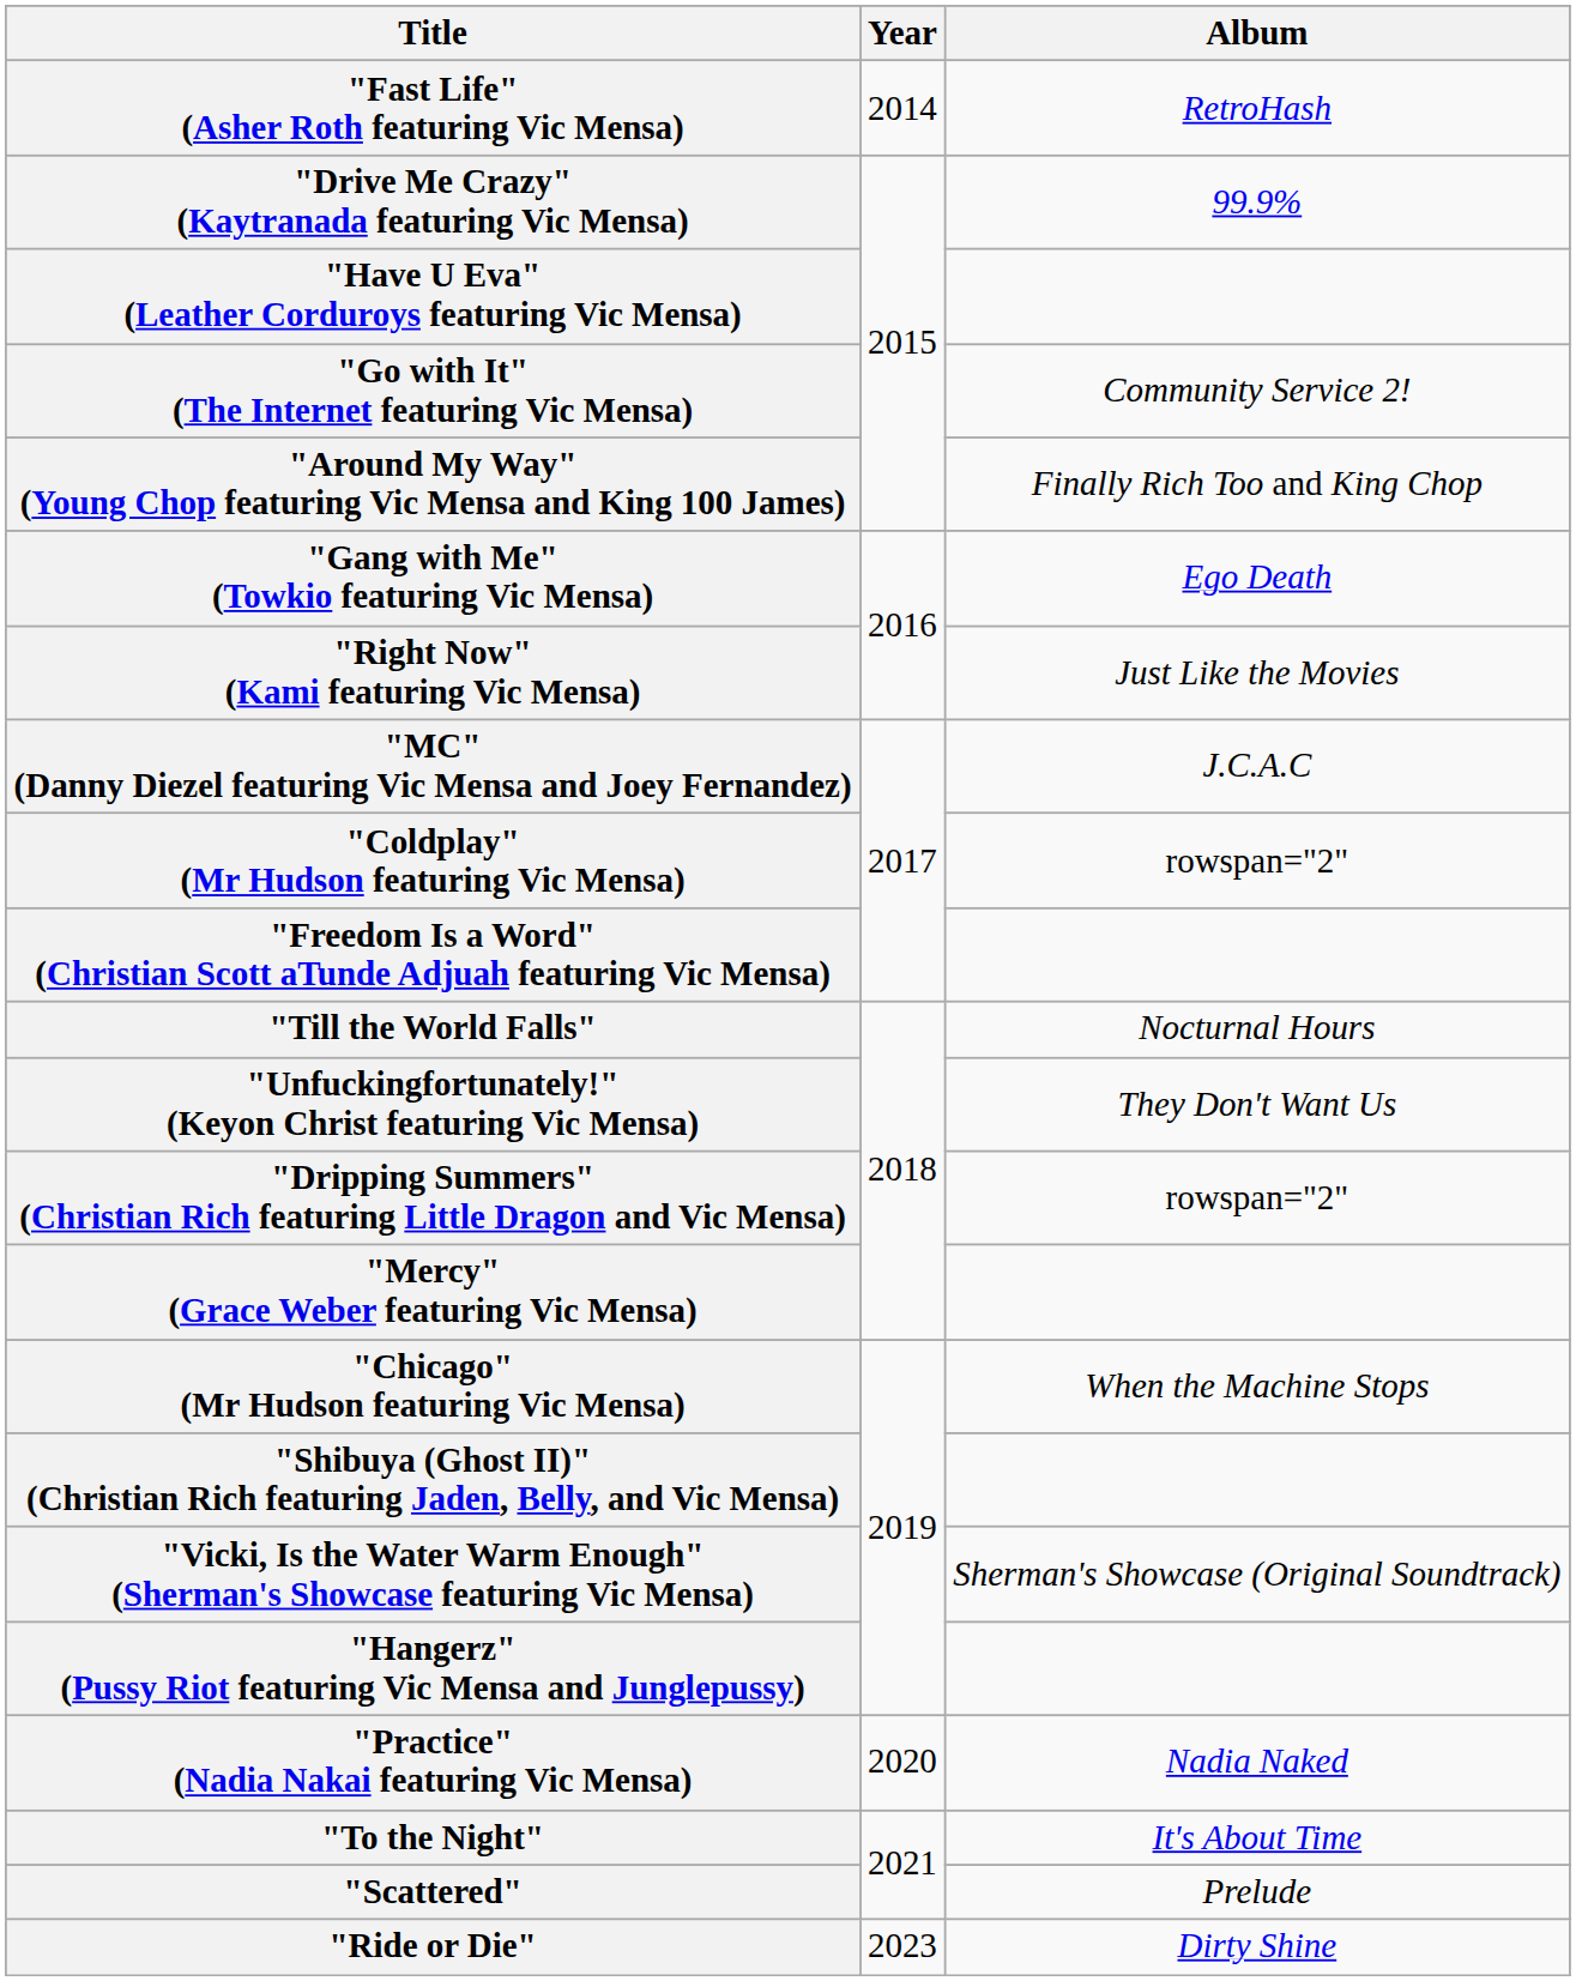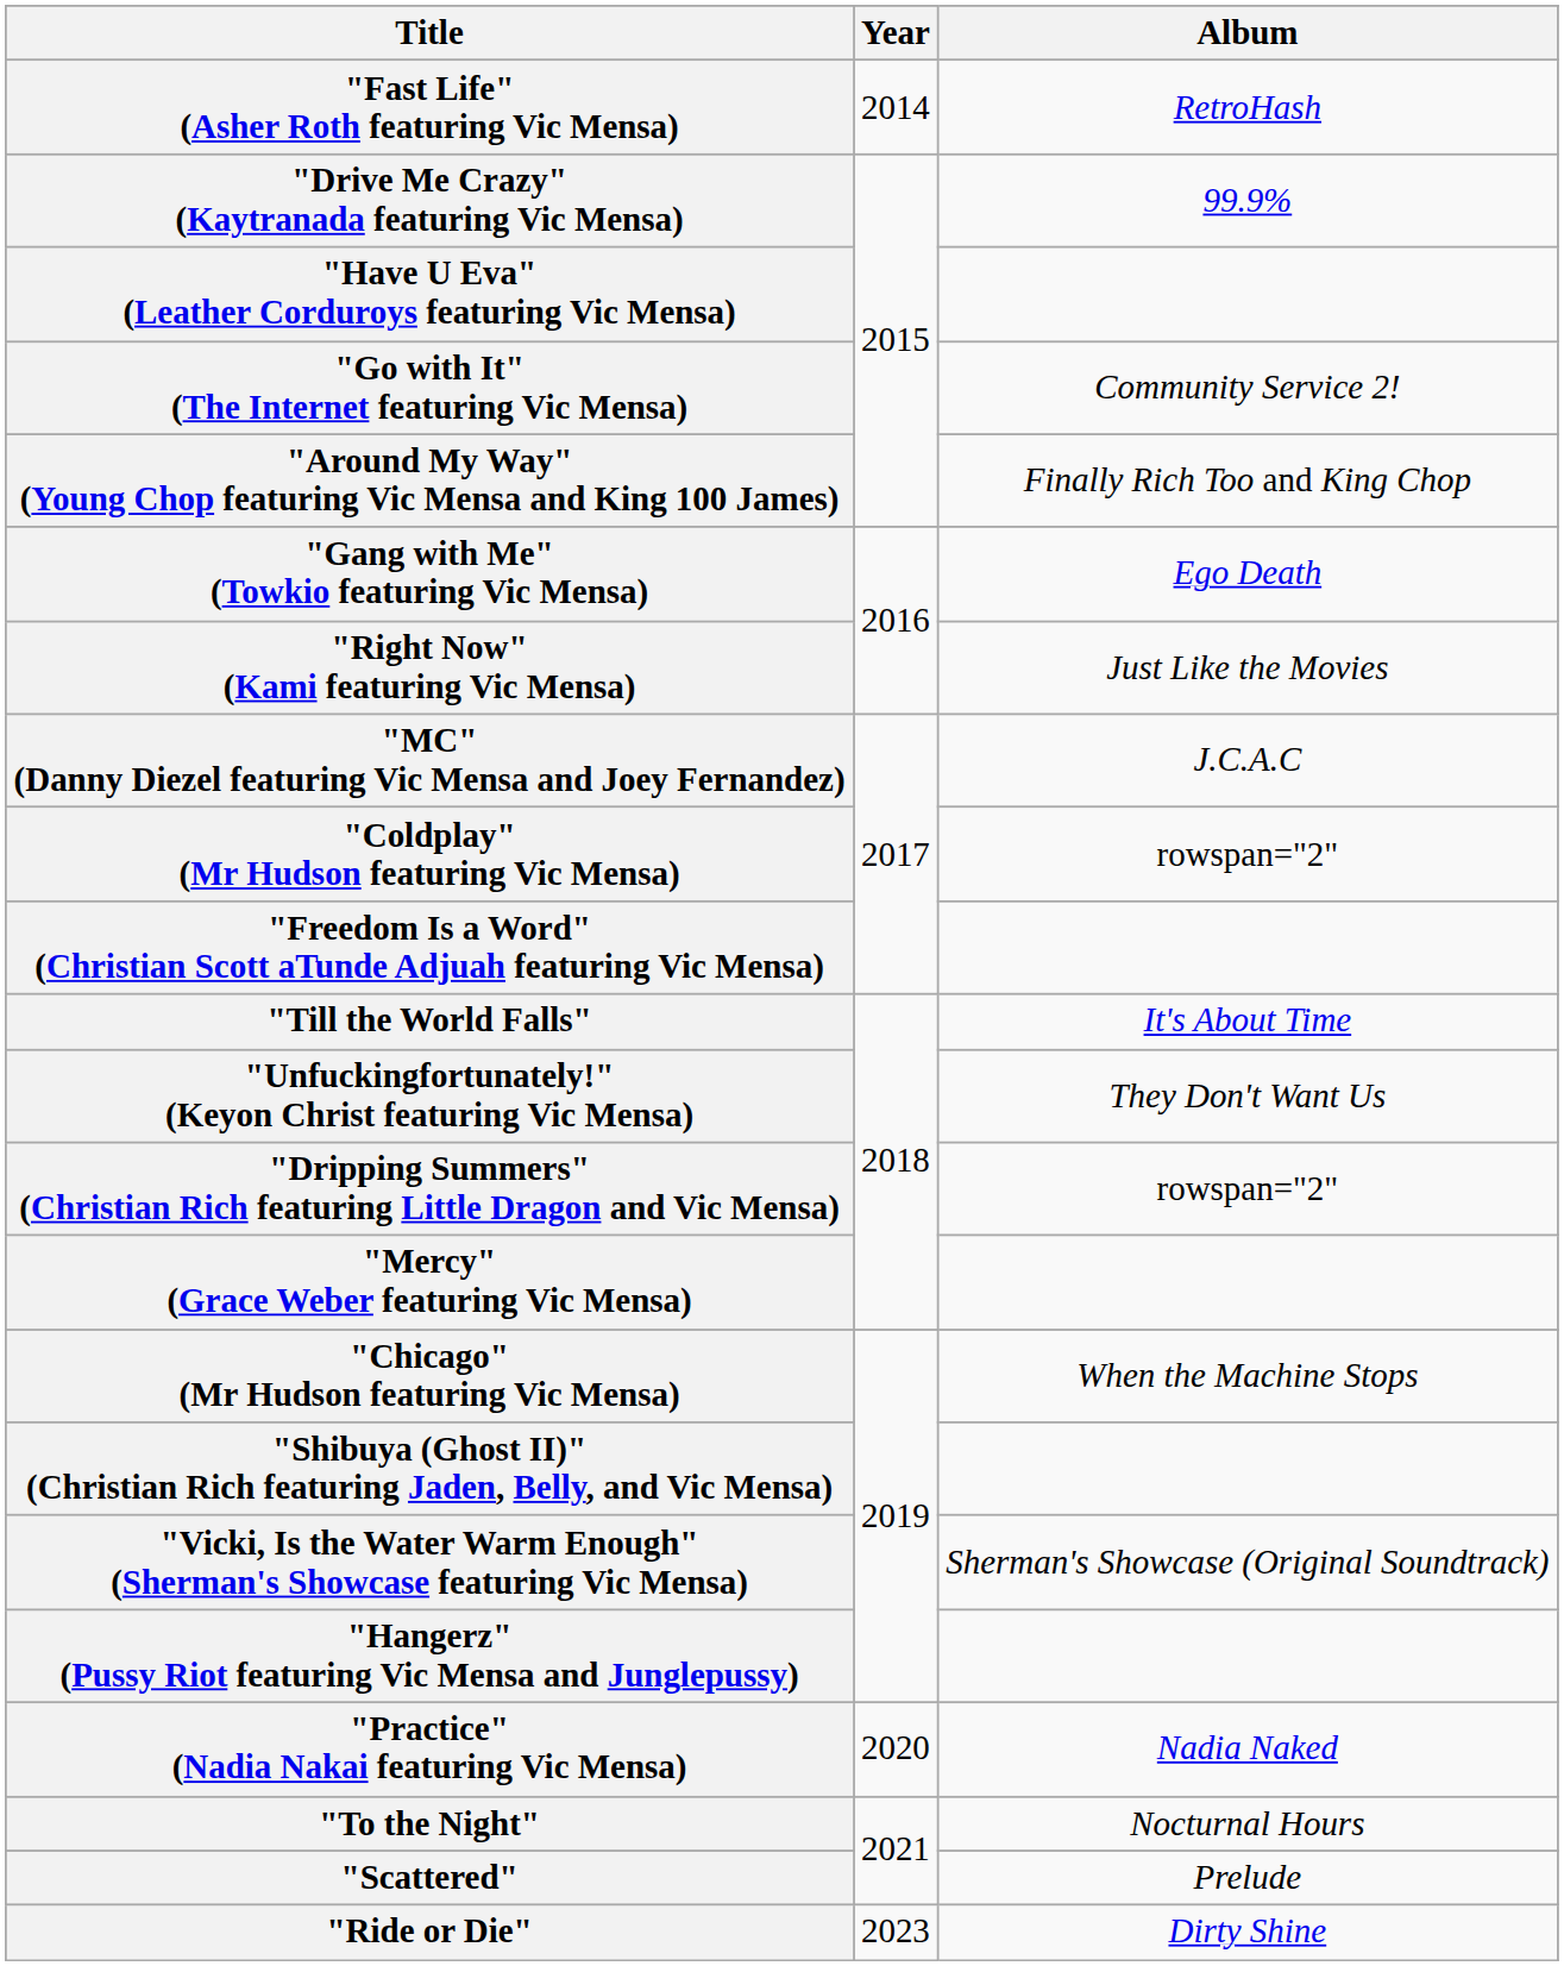 <table class="wikitable plainrowheaders" style="text-align:center;">
 <tr>
 <th scope="col">Title</th>
 <th scope="col">Year</th>
 <th scope="col">Album</th>
 </tr>
 <tr>
 <th scope="row">"Fast Life"<br><span>(<a href='#'>Asher Roth</a> featuring Vic Mensa)</span></th>
 <td>2014</td>
 <td><em><a href='#'>RetroHash</a></em></td>
 </tr>
 <tr>
 <th scope="row">"Drive Me Crazy"<br><span>(<a href='#'>Kaytranada</a> featuring Vic Mensa)</span></th>
 <td rowspan="4">2015</td>
 <td><em><a href='#'>99.9%</a></em></td>
 </tr>
 <tr>
 <th scope="row">"Have U Eva"<br><span>(<a href='#'>Leather Corduroys</a> featuring Vic Mensa)</span></th>
 <td></td>
 </tr>
 <tr>
 <th scope="row">"Go with It"<br><span>(<a href='#'>The Internet</a> featuring Vic Mensa)</span></th>
 <td><em>Community Service 2!</em></td>
 </tr>
 <tr>
 <th scope="row">"Around My Way"<br><span>(<a href='#'>Young Chop</a> featuring Vic Mensa and King 100 James)</span></th>
 <td><em>Finally Rich Too</em> and <em>King Chop</em></td>
 </tr>
 <tr>
 <th scope="row">"Gang with Me"<br><span>(<a href='#'>Towkio</a> featuring Vic Mensa)</span></th>
 <td rowspan="2">2016</td>
 <td><em><a href='#'>Ego Death</a></em></td>
 </tr>
 <tr>
 <th scope="row">"Right Now"<br><span>(<a href='#'>Kami</a> featuring Vic Mensa)</span></th>
 <td><em>Just Like the Movies</em></td>
 </tr>
 <tr>
 <th scope="row">"MC"<br><span>(Danny Diezel featuring Vic Mensa and Joey Fernandez)</span></th>
 <td rowspan="3">2017</td>
 <td><em>J.C.A.C</em></td>
 </tr>
 <tr>
 <th scope="row">"Coldplay"<br><span>(<a href='#'>Mr Hudson</a> featuring Vic Mensa)</span></th>
 <td>rowspan="2" </td>
 </tr>
 <tr>
 <th scope="row">"Freedom Is a Word"<br><span>(<a href='#'>Christian Scott aTunde Adjuah</a> featuring Vic Mensa)</span></th>
 </tr>
 <tr>
 <th scope="row">"Till the World Falls"<br></th>
 <td rowspan="4">2018</td>
-<td><em>Nocturnal Hours</em></td>
+<td><em><a href='#'>It's About Time</a></em></td>
 </tr>
 <tr>
 <th scope="row">"Unfuckingfortunately!"<br><span>(Keyon Christ featuring Vic Mensa)</span></th>
 <td><em>They Don't Want Us</em></td>
 </tr>
 <tr>
 <th scope="row">"Dripping Summers"<br><span>(<a href='#'>Christian Rich</a> featuring <a href='#'>Little Dragon</a> and Vic Mensa)</span></th>
 <td>rowspan="2" </td>
 </tr>
 <tr>
 <th scope="row">"Mercy"<br><span>(<a href='#'>Grace Weber</a> featuring Vic Mensa)</span></th>
 </tr>
 <tr>
 <th scope="row">"Chicago"<br><span>(Mr Hudson featuring Vic Mensa)</span></th>
 <td rowspan="4">2019</td>
 <td><em>When the Machine Stops</em></td>
 </tr>
 <tr>
 <th scope="row">"Shibuya (Ghost II)"<br><span>(Christian Rich featuring <a href='#'>Jaden</a>, <a href='#'>Belly</a>, and Vic Mensa)</span></th>
 <td></td>
 </tr>
 <tr>
 <th scope="row">"Vicki, Is the Water Warm Enough"<br><span>(<a href='#'>Sherman's Showcase</a> featuring Vic Mensa)</span></th>
 <td><em>Sherman's Showcase (Original Soundtrack)</em></td>
 </tr>
 <tr>
 <th scope="row">"Hangerz"<br><span>(<a href='#'>Pussy Riot</a> featuring Vic Mensa and <a href='#'>Junglepussy</a>)</span></th>
 <td></td>
 </tr>
 <tr>
 <th scope="row">"Practice"<br><span>(<a href='#'>Nadia Nakai</a> featuring Vic Mensa)</span></th>
 <td>2020</td>
 <td><em><a href='#'>Nadia Naked</a></em></td>
 </tr>
 <tr>
 <th scope="row">"To the Night"<br></th>
 <td rowspan="2">2021</td>
-<td><em><a href='#'>It's About Time</a></em></td>
+<td><em>Nocturnal Hours</em></td>
 </tr>
 <tr>
 <th scope="row">"Scattered"<br></th>
 <td><em>Prelude</em></td>
 </tr>
 <tr>
 <th scope="row">"Ride or Die"<br></th>
 <td>2023</td>
 <td><em><a href='#'>Dirty Shine</a></em></td>
 </tr>
 </table>
